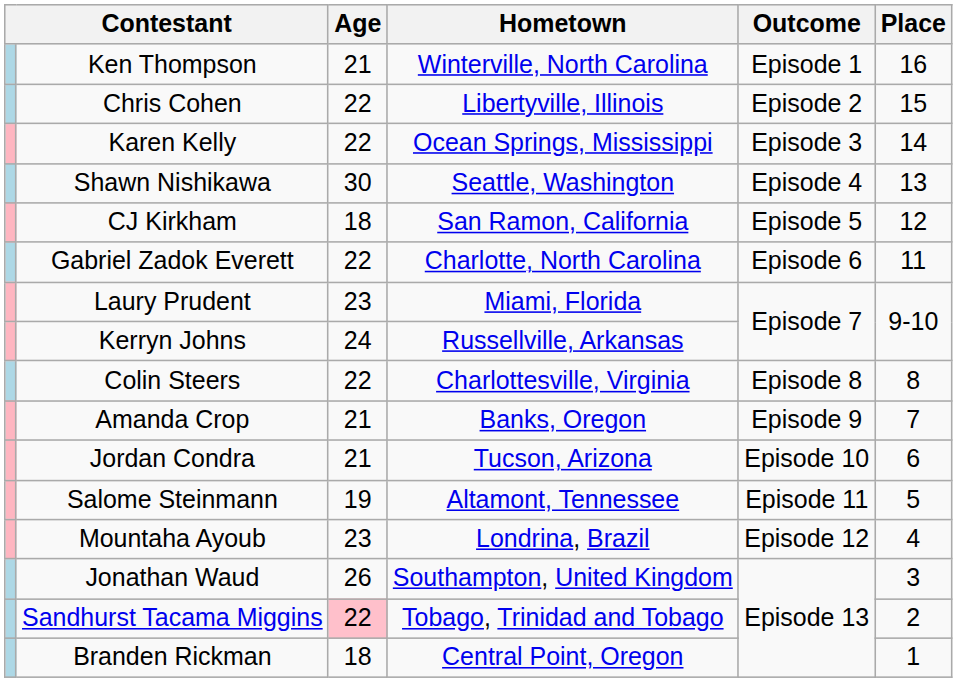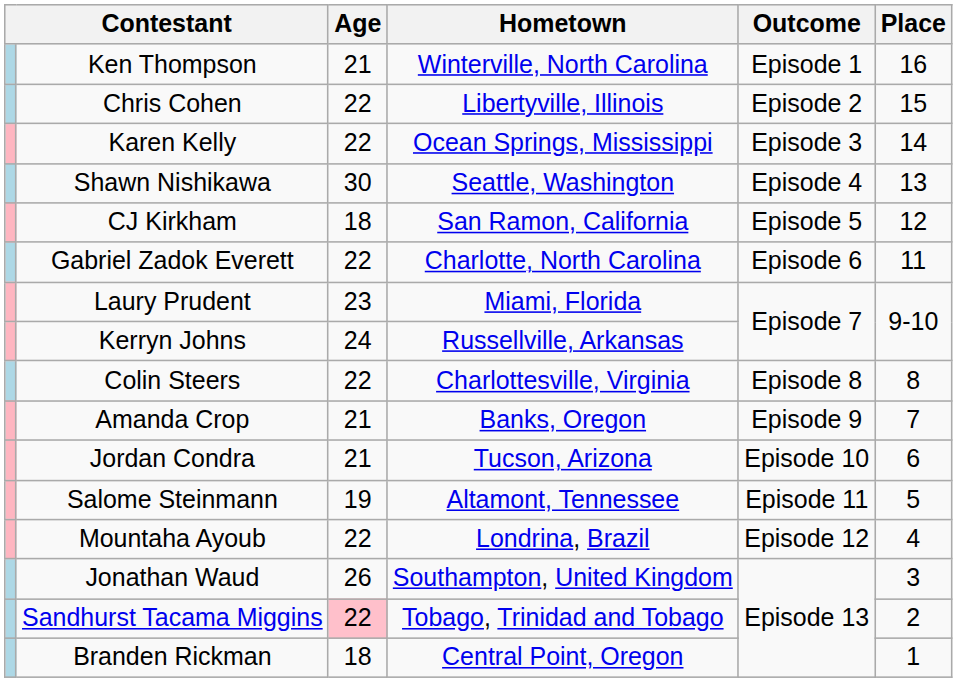 <table class="wikitable sortable" style="text-align:center;">
 <tr>
 <th colspan=2>Contestant</th>
 <th>Age</th>
 <th>Hometown</th>
 <th>Outcome</th>
 <th>Place</th>
 </tr>
 <tr>
 <td style="background:lightblue;"></td>
 <td>Ken Thompson</td>
 <td>21</td>
 <td><a href='#'>Winterville, North Carolina</a></td>
 <td>Episode 1</td>
 <td>16</td>
 </tr>
 <tr>
 <td style="background:lightblue;"></td>
 <td>Chris Cohen</td>
 <td>22</td>
 <td><a href='#'>Libertyville, Illinois</a></td>
 <td>Episode 2</td>
 <td>15</td>
 </tr>
 <tr>
 <td style="background:lightpink"></td>
 <td>Karen Kelly</td>
 <td>22</td>
 <td><a href='#'>Ocean Springs, Mississippi</a></td>
 <td>Episode 3</td>
 <td>14</td>
 </tr>
 <tr>
 <td style="background:lightblue;"></td>
 <td>Shawn Nishikawa</td>
 <td>30</td>
 <td><a href='#'>Seattle, Washington</a></td>
 <td>Episode 4</td>
 <td>13</td>
 </tr>
 <tr>
 <td style="background:lightpink"></td>
 <td>CJ Kirkham</td>
 <td>18</td>
 <td><a href='#'>San Ramon, California</a></td>
 <td>Episode 5</td>
 <td>12</td>
 </tr>
 <tr>
 <td style="background:lightblue;"></td>
 <td>Gabriel Zadok Everett</td>
 <td>22</td>
 <td><a href='#'>Charlotte, North Carolina</a></td>
 <td>Episode 6</td>
 <td>11</td>
 </tr>
 <tr>
 <td style="background:lightpink;"></td>
 <td>Laury Prudent</td>
 <td>23</td>
 <td><a href='#'>Miami, Florida</a></td>
 <td rowspan="2">Episode 7</td>
 <td rowspan="2">9-10</td>
 </tr>
 <tr>
 <td style="background:lightpink"></td>
 <td>Kerryn Johns</td>
 <td>24</td>
 <td><a href='#'>Russellville, Arkansas</a></td>
 </tr>
 <tr>
 <td style="background:lightblue;"></td>
 <td>Colin Steers</td>
 <td>22</td>
 <td><a href='#'>Charlottesville, Virginia</a></td>
 <td>Episode 8</td>
 <td>8</td>
 </tr>
 <tr>
 <td style="background:lightpink"></td>
 <td>Amanda Crop</td>
 <td>21</td>
 <td><a href='#'>Banks, Oregon</a></td>
 <td>Episode 9</td>
 <td>7</td>
 </tr>
 <tr>
 <td style="background:lightpink"></td>
 <td>Jordan Condra</td>
 <td>21</td>
 <td><a href='#'>Tucson, Arizona</a></td>
 <td>Episode 10</td>
 <td>6</td>
 </tr>
 <tr>
 <td style="background:lightpink"></td>
 <td>Salome Steinmann</td>
 <td>19</td>
 <td><a href='#'>Altamont, Tennessee</a></td>
 <td>Episode 11</td>
 <td>5</td>
 </tr>
 <tr>
 <td style="background:lightpink"></td>
 <td>Mountaha Ayoub</td>
-<td>23</td>
+<td>22</td>
 <td><a href='#'>Londrina</a>, <a href='#'>Brazil</a></td>
 <td>Episode 12</td>
 <td>4</td>
 </tr>
 <tr>
 <td style="background:lightblue;"></td>
 <td>Jonathan Waud</td>
 <td>26</td>
 <td><a href='#'>Southampton</a>, <a href='#'>United Kingdom</a></td>
 <td rowspan="3">Episode 13</td>
 <td>3</td>
 </tr>
 <tr>
 <td style="background:lightblue;"></td>
 <td><a href='#'>Sandhurst Tacama Miggins</a></td>
 <td style="background: pink;">22</td>
 <td><a href='#'>Tobago</a>, <a href='#'>Trinidad and Tobago</a></td>
 <td>2</td>
 </tr>
 <tr>
 <td style="background:lightblue;"></td>
 <td>Branden Rickman</td>
 <td>18</td>
 <td><a href='#'>Central Point, Oregon</a></td>
 <td>1</td>
 </tr>
 </table>
